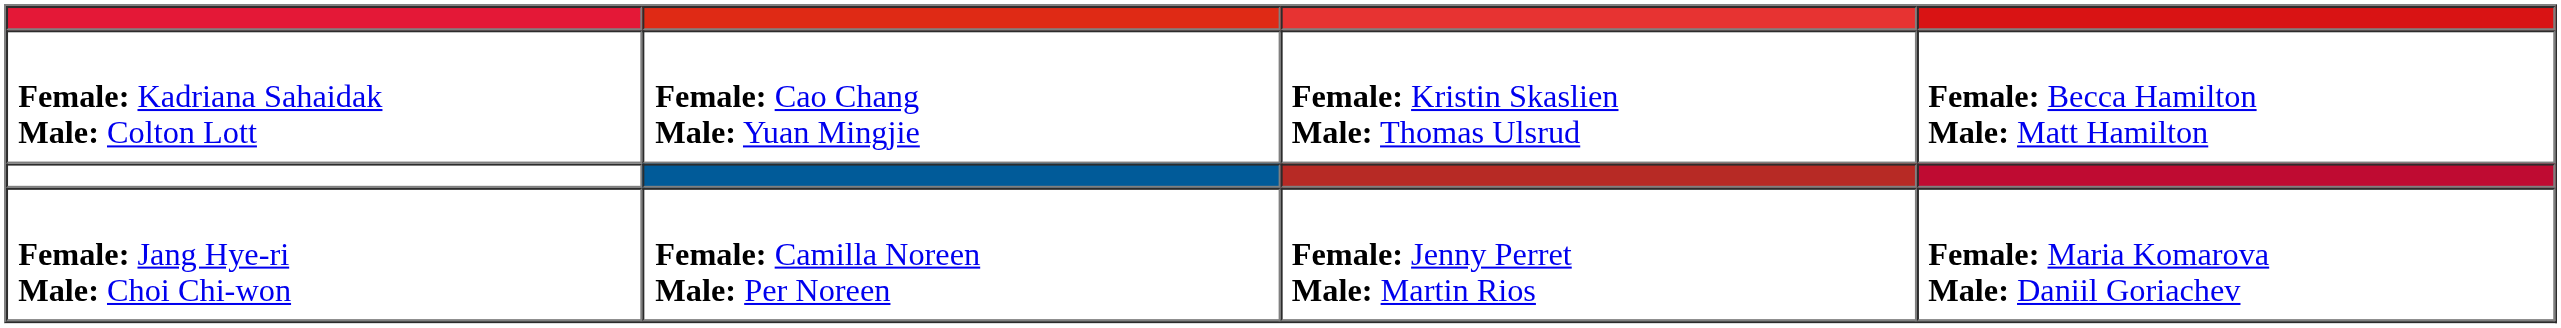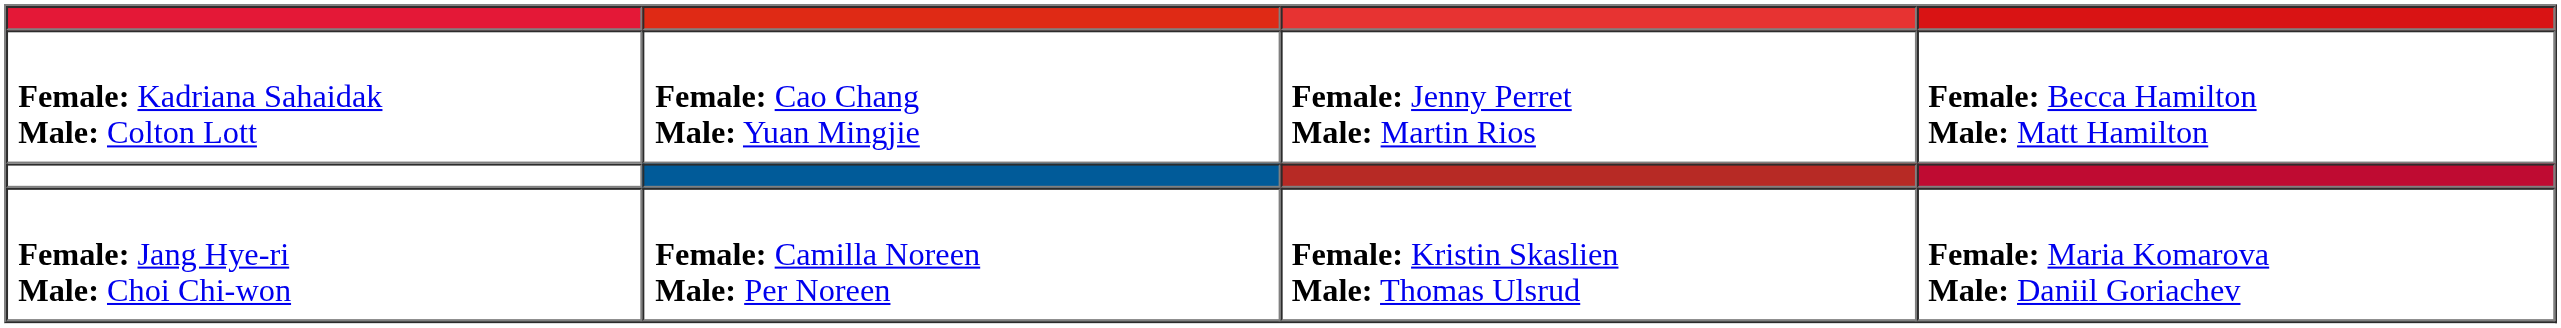 <table border=1 cellpadding=5 cellspacing=0>
 <tr>
 <th bgcolor="#e41837" width="333"></th>
 <th bgcolor="#df2a15" width="333"></th>
 <th bgcolor="#e73332" width="333"></th>
 <th bgcolor="#d91314" width="333"></th>
 </tr>
 <tr>
 <td><br><strong>Female:</strong> <a href='#'>Kadriana Sahaidak</a><br> <strong>Male:</strong> <a href='#'>Colton Lott</a></td>
 <td><br><strong>Female:</strong> <a href='#'>Cao Chang</a><br> <strong>Male:</strong> <a href='#'>Yuan Mingjie</a> </td>
-<td><br><strong>Female:</strong> <a href='#'>Kristin Skaslien</a><br> <strong>Male:</strong> <a href='#'>Thomas Ulsrud</a></td>
+<td><br><strong>Female:</strong> <a href='#'>Jenny Perret</a><br> <strong>Male:</strong> <a href='#'>Martin Rios</a></td>
 <td><br><strong>Female:</strong> <a href='#'>Becca Hamilton</a><br> <strong>Male:</strong> <a href='#'>Matt Hamilton</a> </td>
 </tr>
 <tr>
 <th bgcolor="#ffffff" width="333"></th>
 <th bgcolor="#015b99" width="333"></th>
 <th bgcolor="#b72a25" width="333"></th>
 <th bgcolor="#bf0b32" width="333"></th>
 </tr>
 <tr>
 <td><br><strong>Female:</strong> <a href='#'>Jang Hye-ri</a><br> <strong>Male:</strong> <a href='#'>Choi Chi-won</a> </td>
 <td><br><strong>Female:</strong> <a href='#'>Camilla Noreen</a><br> <strong>Male:</strong> <a href='#'>Per Noreen</a></td>
-<td><br><strong>Female:</strong> <a href='#'>Jenny Perret</a><br> <strong>Male:</strong> <a href='#'>Martin Rios</a></td>
+<td><br><strong>Female:</strong> <a href='#'>Kristin Skaslien</a><br> <strong>Male:</strong> <a href='#'>Thomas Ulsrud</a></td>
 <td><br><strong>Female:</strong> <a href='#'>Maria Komarova</a><br> <strong>Male:</strong> <a href='#'>Daniil Goriachev</a></td>
 </tr>
 </table>
